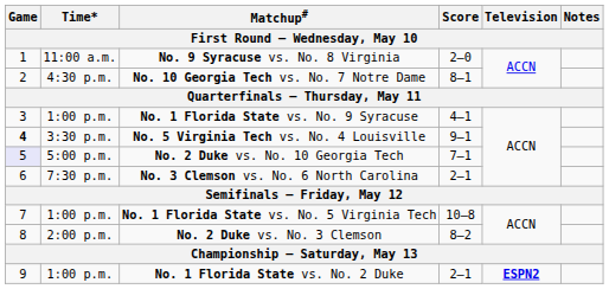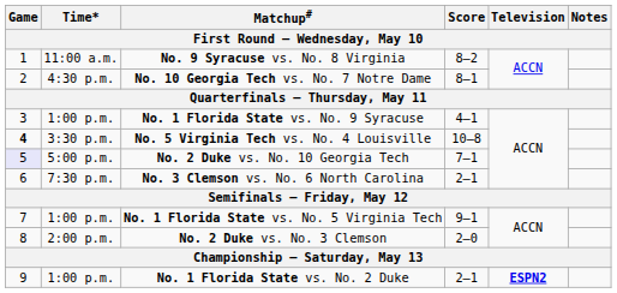 <table class="wikitable" style="font-size: 95%">
 <tr align="center">
 <th>Game</th>
 <th>Time*</th>
 <th>Matchup<sup>#</sup></th>
 <th>Score</th>
 <th>Television</th>
 <th>Notes</th>
 </tr>
 <tr>
 <th colspan=7>First Round – Wednesday, May 10</th>
 </tr>
 <tr align=center>
 <td>1</td>
 <td>11:00 a.m.</td>
 <td><strong>No. 9 Syracuse</strong> vs. No. 8 Virginia</td>
-<td>2–0</td>
+<td>8–2</td>
 <td rowspan=2><a href='#'>ACCN</a></td>
 <td></td>
 </tr>
 <tr align=center>
 <td>2</td>
 <td>4:30 p.m.</td>
 <td><strong>No. 10 Georgia Tech</strong> vs. No. 7 Notre Dame</td>
 <td>8–1</td>
 <td></td>
 </tr>
 <tr align=center>
 <th colspan=7>Quarterfinals – Thursday, May 11</th>
 </tr>
 <tr align=center>
 <td>3</td>
 <td>1:00 p.m.</td>
 <td><strong>No. 1 Florida State</strong> vs. No. 9 Syracuse</td>
 <td>4–1</td>
 <td rowspan=4>ACCN</td>
 <td></td>
 </tr>
 <tr align=center>
 <td><strong>4</strong></td>
 <td>3:30 p.m.</td>
 <td><strong>No. 5 Virginia Tech</strong> vs. No. 4 Louisville</td>
-<td>9–1</td>
+<td>10–8</td>
 <td></td>
 </tr>
 <tr align=center>
 <td style="background: lavender;">5</td>
 <td>5:00 p.m.</td>
 <td><strong>No. 2 Duke</strong> vs. No. 10 Georgia Tech</td>
 <td>7–1</td>
 <td></td>
 </tr>
 <tr align=center>
 <td>6</td>
 <td>7:30 p.m.</td>
 <td><strong>No. 3 Clemson</strong>  vs. No. 6 North Carolina</td>
 <td>2–1</td>
 <td></td>
 </tr>
 <tr align=center>
 <th colspan=7>Semifinals – Friday, May 12</th>
 </tr>
 <tr align=center>
 <td>7</td>
 <td>1:00 p.m.</td>
 <td><strong>No. 1 Florida State</strong> vs. No. 5 Virginia Tech</td>
-<td>10–8</td>
+<td>9–1</td>
 <td rowspan=2>ACCN</td>
 <td></td>
 </tr>
 <tr align=center>
 <td>8</td>
 <td>2:00 p.m.</td>
 <td><strong>No. 2 Duke</strong> vs. No. 3 Clemson</td>
-<td>8–2</td>
+<td>2–0</td>
 <td></td>
 </tr>
 <tr align=center>
 <th colspan=7>Championship – Saturday, May 13</th>
 </tr>
 <tr align=center>
 <td>9</td>
 <td>1:00 p.m.</td>
 <td><strong>No. 1 Florida State</strong> vs. No. 2 Duke</td>
 <td>2–1</td>
 <td><strong><a href='#'>ESPN2</a></strong></td>
 <td></td>
 </tr>
 </table>
